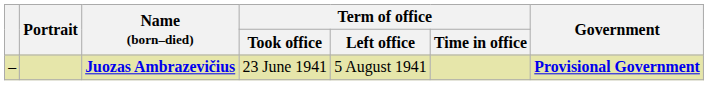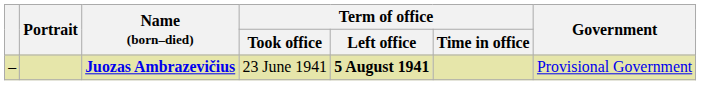 <table class="wikitable" style="text-align:center;">
 <tr>
 <th rowspan=2></th>
 <th rowspan=2>Portrait</th>
 <th rowspan=2>Name<br><small>(born–died)</small></th>
 <th colspan=3>Term of office</th>
 <th rowspan=2>Government</th>
 </tr>
 <tr>
 <th>Took office</th>
 <th>Left office</th>
 <th>Time in office</th>
 </tr>
 <tr style="background:#e6e6aa;">
 <td>–</td>
 <td></td>
 <td><strong><a href='#'>Juozas Ambrazevičius</a></strong><br></td>
 <td>23 June 1941</td>
-<td>5 August 1941</td>
+<td><strong>5 August 1941</strong></td>
 <td></td>
-<td><strong><a href='#'>Provisional Government</a></strong></td>
+<td><a href='#'>Provisional Government</a></td>
 </tr>
 </table>
